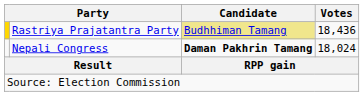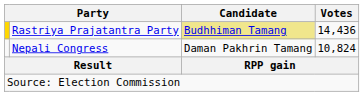 <table class="wikitable">
 <tr>
 <th colspan="2">Party</th>
 <th>Candidate</th>
 <th>Votes</th>
 </tr>
 <tr>
 <td style="background-color:gold"></td>
 <td><a href='#'>Rastriya Prajatantra Party</a></td>
 <td style="background: khaki;"><a href='#'>Budhhiman Tamang</a></td>
-<td>18,436</td>
+<td>14,436</td>
 </tr>
 <tr>
 <td style="background-color:"></td>
 <td><a href='#'>Nepali Congress</a></td>
-<td><strong>Daman Pakhrin Tamang</strong></td>
-<td>18,024</td>
+<td>Daman Pakhrin Tamang</td>
+<td>10,824</td>
 </tr>
 <tr>
 <th colspan="2">Result</th>
 <th colspan="2">RPP gain</th>
 </tr>
 <tr>
 <td colspan="4">Source: Election Commission</td>
 </tr>
 </table>
